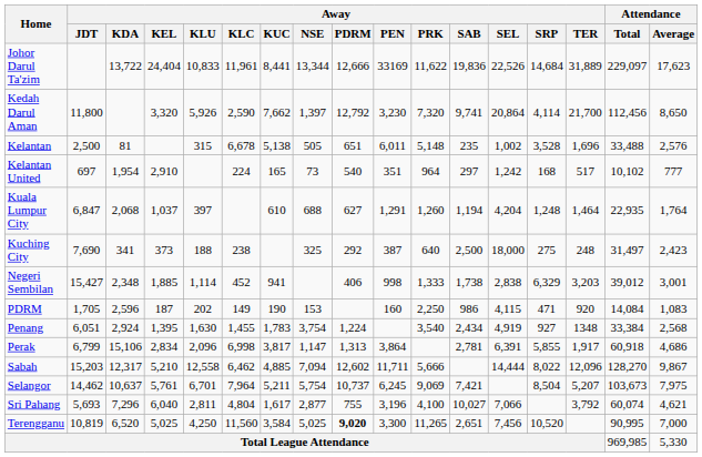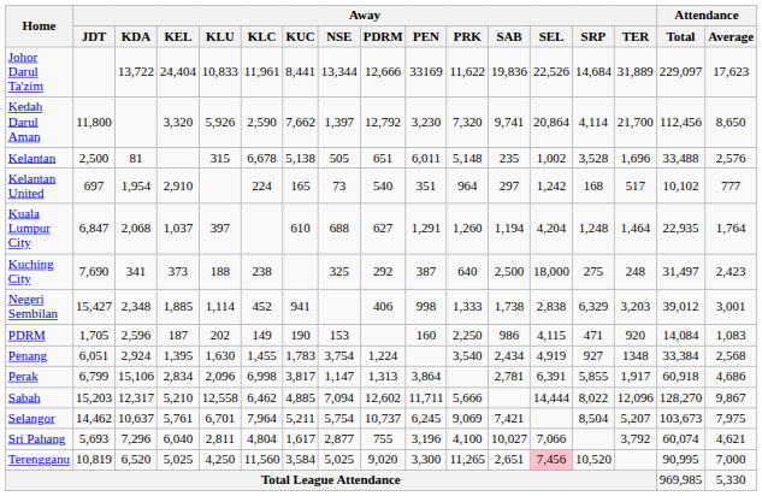 <table class="wikitable" style="text-align:center;">
 <tr>
 <th rowspan="2">Home</th>
 <th colspan="14">Away</th>
 <th colspan="3">Attendance</th>
 </tr>
 <tr>
 <th>JDT</th>
 <th>KDA</th>
 <th>KEL</th>
 <th>KLU</th>
 <th>KLC</th>
 <th>KUC</th>
 <th>NSE</th>
 <th>PDRM</th>
 <th>PEN</th>
 <th>PRK</th>
 <th>SAB</th>
 <th>SEL</th>
 <th>SRP</th>
 <th>TER</th>
 <th>Total</th>
 <th>Average</th>
 </tr>
 <tr>
 <td align=left><a href='#'>Johor Darul Ta'zim</a></td>
 <td></td>
 <td>13,722</td>
 <td>24,404</td>
 <td>10,833</td>
 <td>11,961</td>
 <td>8,441</td>
 <td>13,344</td>
 <td>12,666</td>
 <td>33169</td>
 <td>11,622</td>
 <td>19,836</td>
 <td>22,526</td>
 <td>14,684</td>
 <td>31,889</td>
 <td>229,097</td>
 <td>17,623</td>
 </tr>
 <tr>
 <td align=left><a href='#'>Kedah Darul Aman</a></td>
 <td>11,800</td>
 <td></td>
 <td>3,320</td>
 <td>5,926</td>
 <td>2,590</td>
 <td>7,662</td>
 <td>1,397</td>
 <td>12,792</td>
 <td>3,230</td>
 <td>7,320</td>
 <td>9,741</td>
 <td>20,864</td>
 <td>4,114</td>
 <td>21,700</td>
 <td>112,456</td>
 <td>8,650</td>
 </tr>
 <tr>
 <td align=left><a href='#'>Kelantan</a></td>
 <td>2,500</td>
 <td>81</td>
 <td></td>
 <td>315</td>
 <td>6,678</td>
 <td>5,138</td>
 <td>505</td>
 <td>651</td>
 <td>6,011</td>
 <td>5,148</td>
 <td>235</td>
 <td>1,002</td>
 <td>3,528</td>
 <td>1,696</td>
 <td>33,488</td>
 <td>2,576</td>
 </tr>
 <tr>
 <td align=left><a href='#'>Kelantan United</a></td>
 <td>697</td>
 <td>1,954</td>
 <td>2,910</td>
 <td></td>
 <td>224</td>
 <td>165</td>
 <td>73</td>
 <td>540</td>
 <td>351</td>
 <td>964</td>
 <td>297</td>
 <td>1,242</td>
 <td>168</td>
 <td>517</td>
 <td>10,102</td>
 <td>777</td>
 </tr>
 <tr>
 <td align=left><a href='#'>Kuala Lumpur City</a></td>
 <td>6,847</td>
 <td>2,068</td>
 <td>1,037</td>
 <td>397</td>
 <td></td>
 <td>610</td>
 <td>688</td>
 <td>627</td>
 <td>1,291</td>
 <td>1,260</td>
 <td>1,194</td>
 <td>4,204</td>
 <td>1,248</td>
 <td>1,464</td>
 <td>22,935</td>
 <td>1,764</td>
 </tr>
 <tr>
 <td align=left><a href='#'>Kuching City</a></td>
 <td>7,690</td>
 <td>341</td>
 <td>373</td>
 <td>188</td>
 <td>238</td>
 <td></td>
 <td>325</td>
 <td>292</td>
 <td>387</td>
 <td>640</td>
 <td>2,500</td>
 <td>18,000</td>
 <td>275</td>
 <td>248</td>
 <td>31,497</td>
 <td>2,423</td>
 </tr>
 <tr>
 <td align=left><a href='#'>Negeri Sembilan</a></td>
 <td>15,427</td>
 <td>2,348</td>
 <td>1,885</td>
 <td>1,114</td>
 <td>452</td>
 <td>941</td>
 <td></td>
 <td>406</td>
 <td>998</td>
 <td>1,333</td>
 <td>1,738</td>
 <td>2,838</td>
 <td>6,329</td>
 <td>3,203</td>
 <td>39,012</td>
 <td>3,001</td>
 </tr>
 <tr>
 <td align=left><a href='#'>PDRM</a></td>
 <td>1,705</td>
 <td>2,596</td>
 <td>187</td>
 <td>202</td>
 <td>149</td>
 <td>190</td>
 <td>153</td>
 <td></td>
 <td>160</td>
 <td>2,250</td>
 <td>986</td>
 <td>4,115</td>
 <td>471</td>
 <td>920</td>
 <td>14,084</td>
 <td>1,083</td>
 </tr>
 <tr>
 <td align=left><a href='#'>Penang</a></td>
 <td>6,051</td>
 <td>2,924</td>
 <td>1,395</td>
 <td>1,630</td>
 <td>1,455</td>
 <td>1,783</td>
 <td>3,754</td>
 <td>1,224</td>
 <td></td>
 <td>3,540</td>
 <td>2,434</td>
 <td>4,919</td>
 <td>927</td>
 <td>1348</td>
 <td>33,384</td>
 <td>2,568</td>
 </tr>
 <tr>
 <td align=left><a href='#'>Perak</a></td>
 <td>6,799</td>
 <td>15,106</td>
 <td>2,834</td>
 <td>2,096</td>
 <td>6,998</td>
 <td>3,817</td>
 <td>1,147</td>
 <td>1,313</td>
 <td>3,864</td>
 <td></td>
 <td>2,781</td>
 <td>6,391</td>
 <td>5,855</td>
 <td>1,917</td>
 <td>60,918</td>
 <td>4,686</td>
 </tr>
 <tr>
 <td align=left><a href='#'>Sabah</a></td>
 <td>15,203</td>
 <td>12,317</td>
 <td>5,210</td>
 <td>12,558</td>
 <td>6,462</td>
 <td>4,885</td>
 <td>7,094</td>
 <td>12,602</td>
 <td>11,711</td>
 <td>5,666</td>
 <td></td>
 <td>14,444</td>
 <td>8,022</td>
 <td>12,096</td>
 <td>128,270</td>
 <td>9,867</td>
 </tr>
 <tr>
 <td align=left><a href='#'>Selangor</a></td>
 <td>14,462</td>
 <td>10,637</td>
 <td>5,761</td>
 <td>6,701</td>
 <td>7,964</td>
 <td>5,211</td>
 <td>5,754</td>
 <td>10,737</td>
 <td>6,245</td>
 <td>9,069</td>
 <td>7,421</td>
 <td></td>
 <td>8,504</td>
 <td>5,207</td>
 <td>103,673</td>
 <td>7,975</td>
 </tr>
 <tr>
 <td align=left><a href='#'>Sri Pahang</a></td>
 <td>5,693</td>
 <td>7,296</td>
 <td>6,040</td>
 <td>2,811</td>
 <td>4,804</td>
 <td>1,617</td>
 <td>2,877</td>
 <td>755</td>
 <td>3,196</td>
 <td>4,100</td>
 <td>10,027</td>
 <td>7,066</td>
 <td></td>
 <td>3,792</td>
 <td>60,074</td>
 <td>4,621</td>
 </tr>
 <tr>
 <td align=left><a href='#'>Terengganu</a></td>
 <td>10,819</td>
 <td>6,520</td>
 <td>5,025</td>
 <td>4,250</td>
 <td>11,560</td>
 <td>3,584</td>
 <td>5,025</td>
-<td><strong>9,020</strong></td>
+<td>9,020</td>
 <td>3,300</td>
 <td>11,265</td>
 <td>2,651</td>
-<td>7,456</td>
+<td style="background: pink;">7,456</td>
 <td>10,520</td>
 <td></td>
 <td>90,995</td>
 <td>7,000</td>
 </tr>
 <tr>
 <th colspan="15">Total League Attendance</th>
 <td>969,985</td>
 <td>5,330</td>
 </tr>
 </table>
